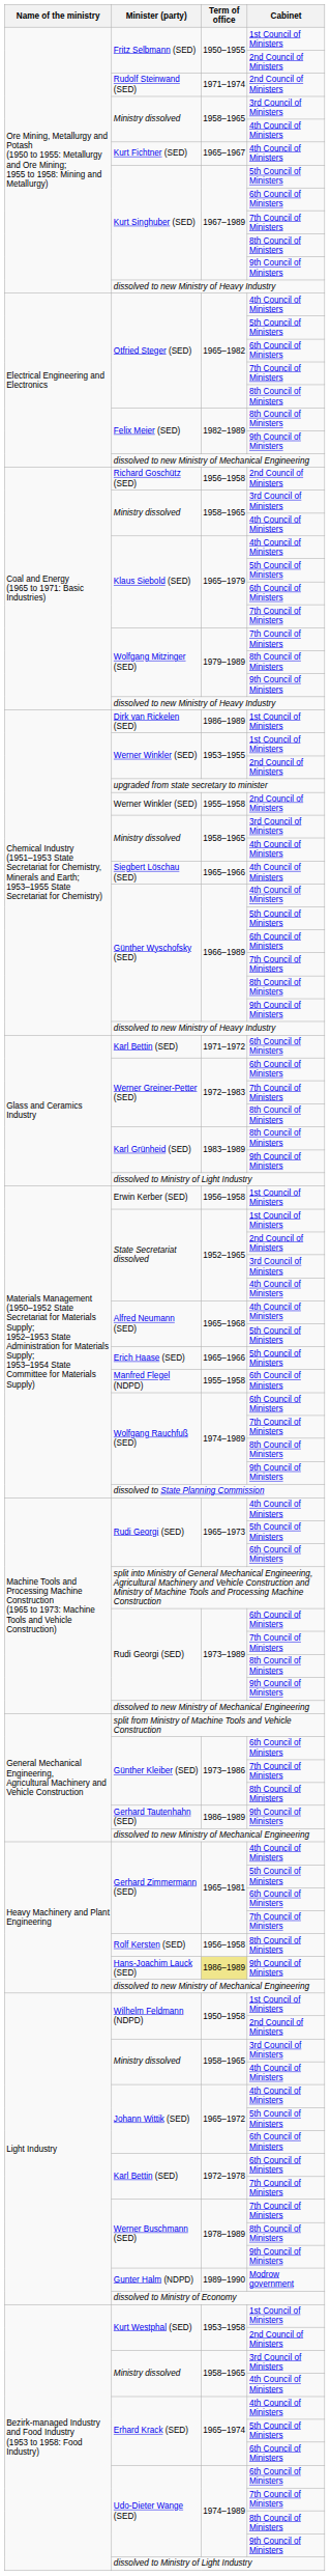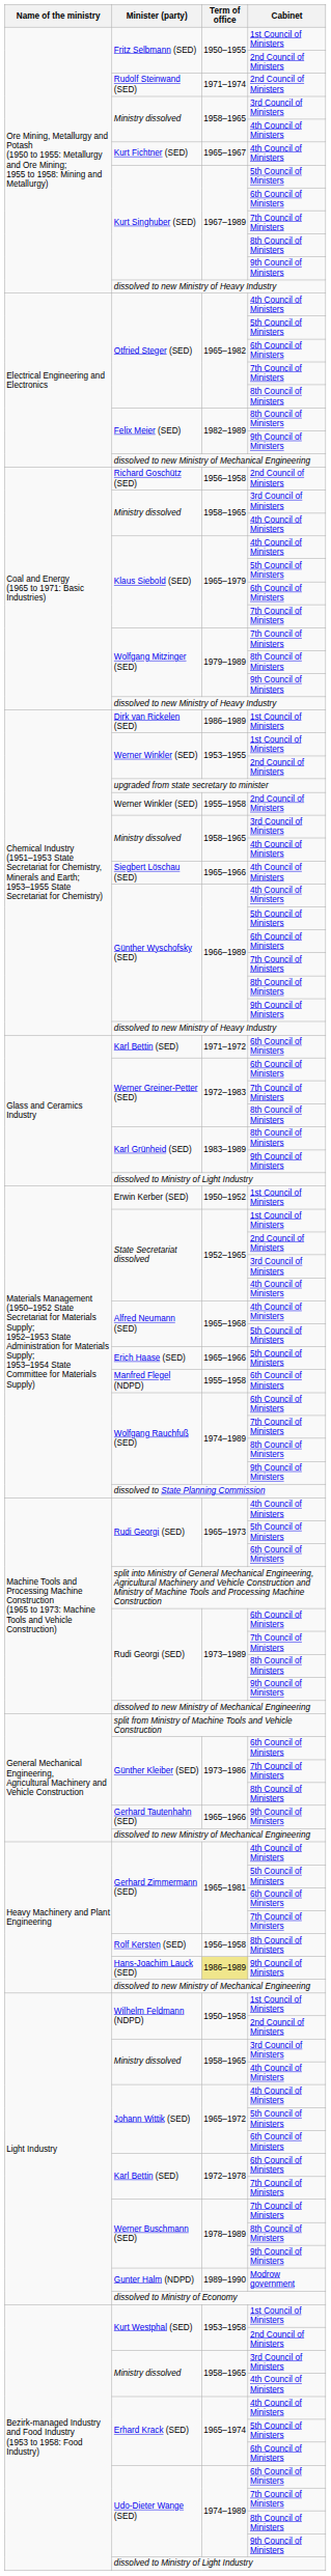 <table class="wikitable sortable">
 <tr>
 <th>Name of the ministry</th>
 <th>Minister (party)</th>
 <th>Term of office</th>
 <th>Cabinet</th>
 </tr>
 <tr>
 <td rowspan="12">Ore Mining, Metallurgy and Potash<br>(1950 to 1955: Metallurgy and Ore Mining;<br>1955 to 1958: Mining and Metallurgy)</td>
 <td rowspan="2"><a href='#'>Fritz Selbmann</a> (SED)</td>
 <td rowspan="2">1950–1955</td>
 <td><a href='#'>1st Council of Ministers</a></td>
 </tr>
 <tr>
 <td><a href='#'>2nd Council of Ministers</a></td>
 </tr>
 <tr>
 <td><a href='#'>Rudolf Steinwand</a> (SED)</td>
 <td>1971–1974</td>
 <td><a href='#'>2nd Council of Ministers</a></td>
 </tr>
 <tr>
 <td rowspan="2"><em>Ministry dissolved</em></td>
 <td rowspan="2">1958–1965</td>
 <td><a href='#'>3rd Council of Ministers</a></td>
 </tr>
 <tr>
 <td><a href='#'>4th Council of Ministers</a></td>
 </tr>
 <tr>
 <td><a href='#'>Kurt Fichtner</a> (SED)</td>
 <td>1965–1967</td>
 <td><a href='#'>4th Council of Ministers</a></td>
 </tr>
 <tr>
 <td rowspan="5"><a href='#'>Kurt Singhuber</a> (SED)</td>
 <td rowspan="5">1967–1989</td>
 <td><a href='#'>5th Council of Ministers</a></td>
 </tr>
 <tr>
 <td><a href='#'>6th Council of Ministers</a></td>
 </tr>
 <tr>
 <td><a href='#'>7th Council of Ministers</a></td>
 </tr>
 <tr>
 <td><a href='#'>8th Council of Ministers</a></td>
 </tr>
 <tr>
 <td><a href='#'>9th Council of Ministers</a></td>
 </tr>
 <tr>
 <td colspan="3"><em>dissolved to new Ministry of Heavy Industry</em></td>
 </tr>
 <tr>
 <td rowspan="8">Electrical Engineering and Electronics</td>
 <td rowspan="5"><a href='#'>Otfried Steger</a> (SED)</td>
 <td rowspan="5">1965–1982</td>
 <td><a href='#'>4th Council of Ministers</a></td>
 </tr>
 <tr>
 <td><a href='#'>5th Council of Ministers</a></td>
 </tr>
 <tr>
 <td><a href='#'>6th Council of Ministers</a></td>
 </tr>
 <tr>
 <td><a href='#'>7th Council of Ministers</a></td>
 </tr>
 <tr>
 <td><a href='#'>8th Council of Ministers</a></td>
 </tr>
 <tr>
 <td rowspan="2"><a href='#'>Felix Meier</a> (SED)</td>
 <td rowspan="2">1982–1989</td>
 <td><a href='#'>8th Council of Ministers</a></td>
 </tr>
 <tr>
 <td><a href='#'>9th Council of Ministers</a></td>
 </tr>
 <tr>
 <td colspan="3"><em>dissolved to new Ministry of Mechanical Engineering</em></td>
 </tr>
 <tr>
 <td rowspan="11">Coal and Energy<br>(1965 to 1971: Basic Industries)</td>
 <td><a href='#'>Richard Goschütz</a> (SED)</td>
 <td>1956–1958</td>
 <td><a href='#'>2nd Council of Ministers</a></td>
 </tr>
 <tr>
 <td rowspan="2"><em>Ministry dissolved</em></td>
 <td rowspan="2">1958–1965</td>
 <td><a href='#'>3rd Council of Ministers</a></td>
 </tr>
 <tr>
 <td><a href='#'>4th Council of Ministers</a></td>
 </tr>
 <tr>
 <td rowspan="4"><a href='#'>Klaus Siebold</a> (SED)</td>
 <td rowspan="4">1965–1979</td>
 <td><a href='#'>4th Council of Ministers</a></td>
 </tr>
 <tr>
 <td><a href='#'>5th Council of Ministers</a></td>
 </tr>
 <tr>
 <td><a href='#'>6th Council of Ministers</a></td>
 </tr>
 <tr>
 <td><a href='#'>7th Council of Ministers</a></td>
 </tr>
 <tr>
 <td rowspan="3"><a href='#'>Wolfgang Mitzinger</a> (SED)</td>
 <td rowspan="3">1979–1989</td>
 <td><a href='#'>7th Council of Ministers</a></td>
 </tr>
 <tr>
 <td><a href='#'>8th Council of Ministers</a></td>
 </tr>
 <tr>
 <td><a href='#'>9th Council of Ministers</a></td>
 </tr>
 <tr>
 <td colspan="3"><em>dissolved to new Ministry of Heavy Industry</em></td>
 </tr>
 <tr>
 <td rowspan="15">Chemical Industry<br>(1951–1953 State Secretariat for Chemistry, Minerals and Earth;<br>1953–1955 State Secretariat for Chemistry)</td>
 <td><a href='#'>Dirk van Rickelen</a> (SED)</td>
 <td>1986–1989</td>
 <td><a href='#'>1st Council of Ministers</a></td>
 </tr>
 <tr>
 <td rowspan="2"><a href='#'>Werner Winkler</a> (SED)</td>
 <td rowspan="2">1953–1955</td>
 <td><a href='#'>1st Council of Ministers</a></td>
 </tr>
 <tr>
 <td><a href='#'>2nd Council of Ministers</a></td>
 </tr>
 <tr>
 <td colspan="3"><em>upgraded from state secretary to minister</em></td>
 </tr>
 <tr>
 <td>Werner Winkler (SED)</td>
 <td>1955–1958</td>
 <td><a href='#'>2nd Council of Ministers</a></td>
 </tr>
 <tr>
 <td rowspan="2"><em>Ministry dissolved</em></td>
 <td rowspan="2">1958–1965</td>
 <td><a href='#'>3rd Council of Ministers</a></td>
 </tr>
 <tr>
 <td><a href='#'>4th Council of Ministers</a></td>
 </tr>
 <tr>
 <td><a href='#'>Siegbert Löschau</a> (SED)</td>
 <td>1965–1966</td>
 <td><a href='#'>4th Council of Ministers</a></td>
 </tr>
 <tr>
 <td rowspan="6"><a href='#'>Günther Wyschofsky</a> (SED)</td>
 <td rowspan="6">1966–1989</td>
 <td><a href='#'>4th Council of Ministers</a></td>
 </tr>
 <tr>
 <td><a href='#'>5th Council of Ministers</a></td>
 </tr>
 <tr>
 <td><a href='#'>6th Council of Ministers</a></td>
 </tr>
 <tr>
 <td><a href='#'>7th Council of Ministers</a></td>
 </tr>
 <tr>
 <td><a href='#'>8th Council of Ministers</a></td>
 </tr>
 <tr>
 <td><a href='#'>9th Council of Ministers</a></td>
 </tr>
 <tr>
 <td colspan="3"><em>dissolved to new Ministry of Heavy Industry</em></td>
 </tr>
 <tr>
 <td rowspan="7">Glass and Ceramics Industry</td>
 <td><a href='#'>Karl Bettin</a> (SED)</td>
 <td>1971–1972</td>
 <td><a href='#'>6th Council of Ministers</a></td>
 </tr>
 <tr>
 <td rowspan="3"><a href='#'>Werner Greiner-Petter</a> (SED)</td>
 <td rowspan="3">1972–1983</td>
 <td><a href='#'>6th Council of Ministers</a></td>
 </tr>
 <tr>
 <td><a href='#'>7th Council of Ministers</a></td>
 </tr>
 <tr>
 <td><a href='#'>8th Council of Ministers</a></td>
 </tr>
 <tr>
 <td rowspan="2"><a href='#'>Karl Grünheid</a> (SED)</td>
 <td rowspan="2">1983–1989</td>
 <td><a href='#'>8th Council of Ministers</a></td>
 </tr>
 <tr>
 <td><a href='#'>9th Council of Ministers</a></td>
 </tr>
 <tr>
 <td colspan="3"><em>dissolved to Ministry of Light Industry</em></td>
 </tr>
 <tr>
 <td rowspan="14">Materials Management<br>(1950–1952 State Secretariat for Materials Supply;<br>1952–1953 State Administration for Materials Supply;<br>1953–1954 State Committee for Materials Supply)</td>
 <td>Erwin Kerber (SED)</td>
-<td>1956–1958</td>
+<td>1950–1952</td>
 <td><a href='#'>1st Council of Ministers</a></td>
 </tr>
 <tr>
 <td rowspan="4"><em>State Secretariat dissolved</em></td>
 <td rowspan="4">1952–1965</td>
 <td><a href='#'>1st Council of Ministers</a></td>
 </tr>
 <tr>
 <td><a href='#'>2nd Council of Ministers</a></td>
 </tr>
 <tr>
 <td><a href='#'>3rd Council of Ministers</a></td>
 </tr>
 <tr>
 <td><a href='#'>4th Council of Ministers</a></td>
 </tr>
 <tr>
 <td rowspan="2"><a href='#'>Alfred Neumann</a> (SED)</td>
 <td rowspan="2">1965–1968</td>
 <td><a href='#'>4th Council of Ministers</a></td>
 </tr>
 <tr>
 <td><a href='#'>5th Council of Ministers</a></td>
 </tr>
 <tr>
 <td><a href='#'>Erich Haase</a> (SED)</td>
 <td>1965–1966</td>
 <td><a href='#'>5th Council of Ministers</a></td>
 </tr>
 <tr>
 <td><a href='#'>Manfred Flegel</a> (NDPD)</td>
 <td>1955–1958</td>
 <td><a href='#'>6th Council of Ministers</a></td>
 </tr>
 <tr>
 <td rowspan="4"><a href='#'>Wolfgang Rauchfuß</a> (SED)</td>
 <td rowspan="4">1974–1989</td>
 <td><a href='#'>6th Council of Ministers</a></td>
 </tr>
 <tr>
 <td><a href='#'>7th Council of Ministers</a></td>
 </tr>
 <tr>
 <td><a href='#'>8th Council of Ministers</a></td>
 </tr>
 <tr>
 <td><a href='#'>9th Council of Ministers</a></td>
 </tr>
 <tr>
 <td colspan="3"><em>dissolved to <a href='#'>State Planning Commission</a></em></td>
 </tr>
 <tr>
 <td rowspan="9">Machine Tools and Processing Machine Construction<br>(1965 to 1973: Machine Tools and Vehicle Construction)</td>
 <td rowspan="3"><a href='#'>Rudi Georgi</a> (SED)</td>
 <td rowspan="3">1965–1973</td>
 <td><a href='#'>4th Council of Ministers</a></td>
 </tr>
 <tr>
 <td><a href='#'>5th Council of Ministers</a></td>
 </tr>
 <tr>
 <td><a href='#'>6th Council of Ministers</a></td>
 </tr>
 <tr>
 <td colspan="3"><em>split into Ministry of General Mechanical Engineering,</em><br><em>Agricultural Machinery and Vehicle Construction and Ministry of Machine Tools and Processing Machine Construction</em></td>
 </tr>
 <tr>
 <td rowspan="4">Rudi Georgi (SED)</td>
 <td rowspan="4">1973–1989</td>
 <td><a href='#'>6th Council of Ministers</a></td>
 </tr>
 <tr>
 <td><a href='#'>7th Council of Ministers</a></td>
 </tr>
 <tr>
 <td><a href='#'>8th Council of Ministers</a></td>
 </tr>
 <tr>
 <td><a href='#'>9th Council of Ministers</a></td>
 </tr>
 <tr>
 <td colspan="3"><em>dissolved to new Ministry of Mechanical Engineering</em></td>
 </tr>
 <tr>
 <td rowspan="6">General Mechanical Engineering,<br>Agricultural Machinery and Vehicle Construction</td>
 <td colspan="3"><em>split from Ministry of Machine Tools and Vehicle Construction</em></td>
 </tr>
 <tr>
 <td rowspan="3"><a href='#'>Günther Kleiber</a> (SED)</td>
 <td rowspan="3">1973–1986</td>
 <td><a href='#'>6th Council of Ministers</a></td>
 </tr>
 <tr>
 <td><a href='#'>7th Council of Ministers</a></td>
 </tr>
 <tr>
 <td><a href='#'>8th Council of Ministers</a></td>
 </tr>
 <tr>
 <td><a href='#'>Gerhard Tautenhahn</a> (SED)</td>
-<td>1986–1989</td>
+<td>1965–1966</td>
 <td><a href='#'>9th Council of Ministers</a></td>
 </tr>
 <tr>
 <td colspan="3"><em>dissolved to new Ministry of Mechanical Engineering</em></td>
 </tr>
 <tr>
 <td rowspan="7">Heavy Machinery and Plant Engineering</td>
 <td rowspan="4"><a href='#'>Gerhard Zimmermann</a> (SED)</td>
 <td rowspan="4">1965–1981</td>
 <td><a href='#'>4th Council of Ministers</a></td>
 </tr>
 <tr>
 <td><a href='#'>5th Council of Ministers</a></td>
 </tr>
 <tr>
 <td><a href='#'>6th Council of Ministers</a></td>
 </tr>
 <tr>
 <td><a href='#'>7th Council of Ministers</a></td>
 </tr>
 <tr>
 <td><a href='#'>Rolf Kersten</a> (SED)</td>
 <td>1956–1958</td>
 <td><a href='#'>8th Council of Ministers</a></td>
 </tr>
 <tr>
 <td><a href='#'>Hans-Joachim Lauck</a> (SED)</td>
 <td style="background: khaki;">1986–1989</td>
 <td><a href='#'>9th Council of Ministers</a></td>
 </tr>
 <tr>
 <td colspan="3"><em>dissolved to new Ministry of Mechanical Engineering</em></td>
 </tr>
 <tr>
 <td rowspan="14">Light Industry</td>
 <td rowspan="2"><a href='#'>Wilhelm Feldmann</a> (NDPD)</td>
 <td rowspan="2">1950–1958</td>
 <td><a href='#'>1st Council of Ministers</a></td>
 </tr>
 <tr>
 <td><a href='#'>2nd Council of Ministers</a></td>
 </tr>
 <tr>
 <td rowspan="2"><em>Ministry dissolved</em></td>
 <td rowspan="2">1958–1965</td>
 <td><a href='#'>3rd Council of Ministers</a></td>
 </tr>
 <tr>
 <td><a href='#'>4th Council of Ministers</a></td>
 </tr>
 <tr>
 <td rowspan="3"><a href='#'>Johann Wittik</a> (SED)</td>
 <td rowspan="3">1965–1972</td>
 <td><a href='#'>4th Council of Ministers</a></td>
 </tr>
 <tr>
 <td><a href='#'>5th Council of Ministers</a></td>
 </tr>
 <tr>
 <td><a href='#'>6th Council of Ministers</a></td>
 </tr>
 <tr>
 <td rowspan="2"><a href='#'>Karl Bettin</a> (SED)</td>
 <td rowspan="2">1972–1978</td>
 <td><a href='#'>6th Council of Ministers</a></td>
 </tr>
 <tr>
 <td><a href='#'>7th Council of Ministers</a></td>
 </tr>
 <tr>
 <td rowspan="3"><a href='#'>Werner Buschmann</a> (SED)</td>
 <td rowspan="3">1978–1989</td>
 <td><a href='#'>7th Council of Ministers</a></td>
 </tr>
 <tr>
 <td><a href='#'>8th Council of Ministers</a></td>
 </tr>
 <tr>
 <td><a href='#'>9th Council of Ministers</a></td>
 </tr>
 <tr>
 <td><a href='#'>Gunter Halm</a> (NDPD)</td>
 <td>1989–1990</td>
 <td><a href='#'>Modrow government</a></td>
 </tr>
 <tr>
 <td colspan="3"><em>dissolved to Ministry of Economy</em></td>
 </tr>
 <tr>
 <td rowspan="12">Bezirk-managed Industry and Food Industry<br>(1953 to 1958: Food Industry)</td>
 <td rowspan="2"><a href='#'>Kurt Westphal</a> (SED)</td>
 <td rowspan="2">1953–1958</td>
 <td><a href='#'>1st Council of Ministers</a></td>
 </tr>
 <tr>
 <td><a href='#'>2nd Council of Ministers</a></td>
 </tr>
 <tr>
 <td rowspan="2"><em>Ministry dissolved</em></td>
 <td rowspan="2">1958–1965</td>
 <td><a href='#'>3rd Council of Ministers</a></td>
 </tr>
 <tr>
 <td><a href='#'>4th Council of Ministers</a></td>
 </tr>
 <tr>
 <td rowspan="3"><a href='#'>Erhard Krack</a> (SED)</td>
 <td rowspan="3">1965–1974</td>
 <td><a href='#'>4th Council of Ministers</a></td>
 </tr>
 <tr>
 <td><a href='#'>5th Council of Ministers</a></td>
 </tr>
 <tr>
 <td><a href='#'>6th Council of Ministers</a></td>
 </tr>
 <tr>
 <td rowspan="4"><a href='#'>Udo-Dieter Wange</a> (SED)</td>
 <td rowspan="4">1974–1989</td>
 <td><a href='#'>6th Council of Ministers</a></td>
 </tr>
 <tr>
 <td><a href='#'>7th Council of Ministers</a></td>
 </tr>
 <tr>
 <td><a href='#'>8th Council of Ministers</a></td>
 </tr>
 <tr>
 <td><a href='#'>9th Council of Ministers</a></td>
 </tr>
 <tr>
 <td colspan="3"><em>dissolved to Ministry of Light Industry</em></td>
 </tr>
 </table>
